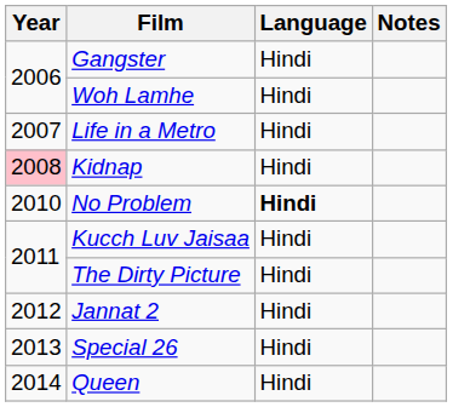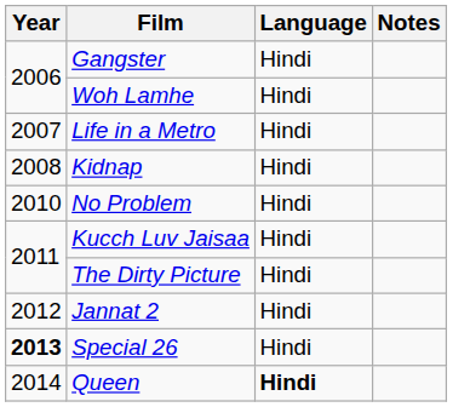 <table class="wikitable">
 <tr>
 <th>Year</th>
 <th>Film</th>
 <th>Language</th>
 <th>Notes</th>
 </tr>
 <tr>
 <td rowspan="2">2006</td>
 <td><em><a href='#'>Gangster</a></em></td>
 <td>Hindi</td>
 <td></td>
 </tr>
 <tr>
 <td><em><a href='#'>Woh Lamhe</a></em></td>
 <td>Hindi</td>
 <td></td>
 </tr>
 <tr>
 <td>2007</td>
 <td><em><a href='#'>Life in a Metro</a></em></td>
 <td>Hindi</td>
 <td></td>
 </tr>
 <tr>
-<td style="background: pink;">2008</td>
+<td>2008</td>
 <td><em><a href='#'>Kidnap</a></em></td>
 <td>Hindi</td>
 <td></td>
 </tr>
 <tr>
 <td>2010</td>
 <td><em><a href='#'>No Problem</a></em></td>
-<td><strong>Hindi</strong></td>
+<td>Hindi</td>
 <td></td>
 </tr>
 <tr>
 <td rowspan="2">2011</td>
 <td><em><a href='#'>Kucch Luv Jaisaa</a></em></td>
 <td>Hindi</td>
 <td></td>
 </tr>
 <tr>
 <td><em><a href='#'>The Dirty Picture</a></em></td>
 <td>Hindi</td>
 <td></td>
 </tr>
 <tr>
 <td>2012</td>
 <td><em><a href='#'>Jannat 2</a></em></td>
 <td>Hindi</td>
 <td></td>
 </tr>
 <tr>
-<td>2013</td>
+<td><strong>2013</strong></td>
 <td><em><a href='#'>Special 26</a></em></td>
 <td>Hindi</td>
 <td></td>
 </tr>
 <tr>
 <td>2014</td>
 <td><em><a href='#'>Queen</a></em></td>
-<td>Hindi</td>
+<td><strong>Hindi</strong></td>
 <td></td>
 </tr>
 </table>
